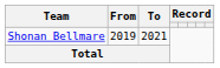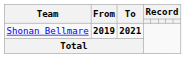 <table class=wikitable style="text-align:center">
 <tr>
 <th rowspan=2>Team</th>
 <th rowspan=2>From</th>
 <th rowspan=2>To</th>
 <th colspan=5>Record</th>
 </tr>
 <tr>
 <th></th>
 <th></th>
 <th></th>
 <th></th>
 <th></th>
 </tr>
 <tr>
 <td align=left><a href='#'>Shonan Bellmare</a></td>
-<td align=left>2019</td>
-<td align=left>2021<br></td>
+<td align=left><strong>2019</strong></td>
+<td align=left><strong>2021<br></strong></td>
 </tr>
 <tr>
 <th colspan=3>Total<br></th>
 </tr>
 </table>
